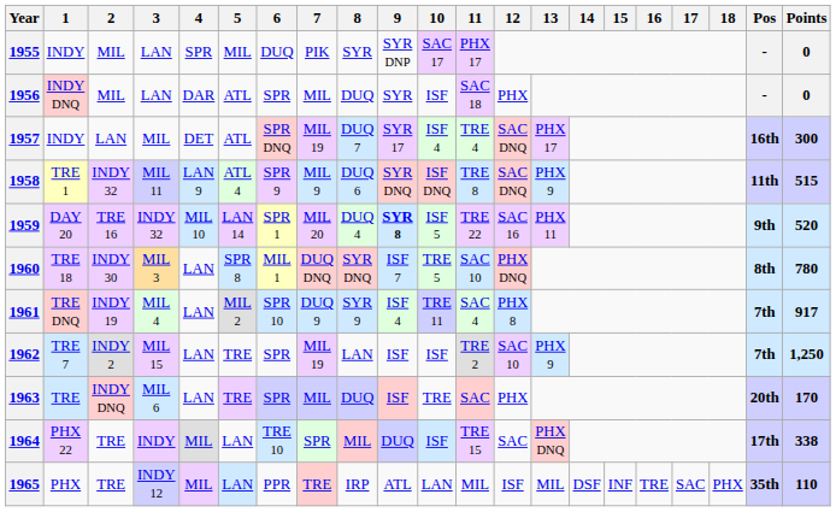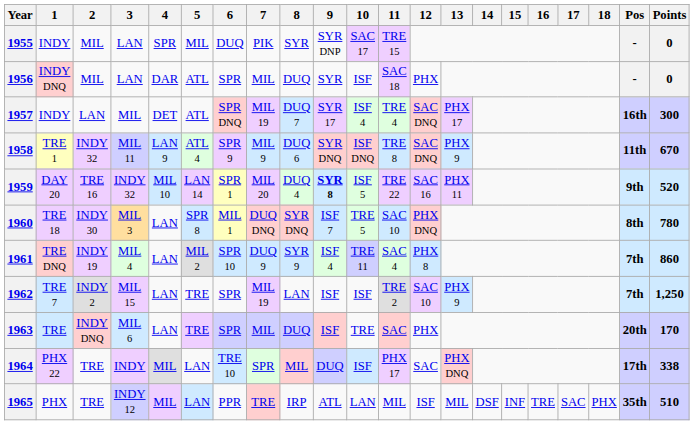 <table class="wikitable" style="text-align:center; font-size:90%">
 <tr>
 <th>Year</th>
 <th>1</th>
 <th>2</th>
 <th>3</th>
 <th>4</th>
 <th>5</th>
 <th>6</th>
 <th>7</th>
 <th>8</th>
 <th>9</th>
 <th>10</th>
 <th>11</th>
 <th>12</th>
 <th>13</th>
 <th>14</th>
 <th>15</th>
 <th>16</th>
 <th>17</th>
 <th>18</th>
 <th>Pos</th>
 <th>Points</th>
 </tr>
 <tr>
 <th rowspan=1><a href='#'>1955</a></th>
 <td><a href='#'>INDY</a><br><small> </small></td>
 <td><a href='#'>MIL</a></td>
 <td><a href='#'>LAN</a></td>
 <td><a href='#'>SPR</a></td>
 <td><a href='#'>MIL</a><br><small> </small></td>
 <td><a href='#'>DUQ</a><br><small> </small></td>
 <td><a href='#'>PIK</a><br><small> </small></td>
 <td><a href='#'>SYR</a></td>
 <td><a href='#'>SYR</a><br><small>DNP</small></td>
 <td style="background:#EFCFFF;"><a href='#'>SAC</a><br><small>17</small></td>
-<td style="background:#EFCFFF;"><a href='#'>PHX</a><br><small>17</small></td>
+<td style="background:#EFCFFF;"><a href='#'>TRE</a><br><small>15</small></td>
 <td colspan=7></td>
 <th>-</th>
 <th>0</th>
 </tr>
 <tr>
 <th rowspan=1><a href='#'>1956</a></th>
 <td style="background:#FFCFCF;"><a href='#'>INDY</a><br><small>DNQ</small></td>
 <td><a href='#'>MIL</a></td>
 <td><a href='#'>LAN</a></td>
 <td><a href='#'>DAR</a></td>
 <td><a href='#'>ATL</a></td>
 <td><a href='#'>SPR</a></td>
 <td><a href='#'>MIL</a></td>
 <td><a href='#'>DUQ</a><br><small> </small></td>
 <td><a href='#'>SYR</a></td>
 <td><a href='#'>ISF</a><br><small> </small></td>
 <td style="background:#EFCFFF;"><a href='#'>SAC</a><br><small>18</small></td>
 <td><a href='#'>PHX</a></td>
 <td colspan=6></td>
 <th>-</th>
 <th>0</th>
 </tr>
 <tr>
 <th rowspan=1><a href='#'>1957</a></th>
 <td><a href='#'>INDY</a><br><small> </small></td>
 <td><a href='#'>LAN</a></td>
 <td><a href='#'>MIL</a></td>
 <td><a href='#'>DET</a></td>
 <td><a href='#'>ATL</a></td>
 <td style="background:#FFCFCF;"><a href='#'>SPR</a><br><small>DNQ</small></td>
 <td style="background:#EFCFFF;"><a href='#'>MIL</a><br><small>19</small></td>
 <td style="background:#CFEAFF;"><a href='#'>DUQ</a><br><small>7</small></td>
 <td style="background:#EFCFFF;"><a href='#'>SYR</a><br><small>17</small></td>
 <td style="background:#DFFFDF;"><a href='#'>ISF</a><br><small>4</small></td>
 <td style="background:#DFFFDF;"><a href='#'>TRE</a><br><small>4</small></td>
 <td style="background:#FFCFCF;"><a href='#'>SAC</a><br><small>DNQ</small></td>
 <td style="background:#EFCFFF;"><a href='#'>PHX</a><br><small>17</small></td>
 <td colspan=5></td>
 <th style="background:#CFCFFF;">16th</th>
 <th style="background:#CFCFFF;">300</th>
 </tr>
 <tr>
 <th rowspan=1><a href='#'>1958</a></th>
 <td style="background:#FFFFBF;"><a href='#'>TRE</a><br><small>1</small></td>
 <td style="background:#EFCFFF;"><a href='#'>INDY</a><br><small>32</small></td>
 <td style="background:#CFCFFF;"><a href='#'>MIL</a><br><small>11</small></td>
 <td style="background:#CFEAFF;"><a href='#'>LAN</a><br><small>9</small></td>
 <td style="background:#DFFFDF;"><a href='#'>ATL</a><br><small>4</small></td>
 <td style="background:#EFCFFF;"><a href='#'>SPR</a><br><small>9</small></td>
 <td style="background:#CFEAFF;"><a href='#'>MIL</a><br><small>9</small></td>
 <td style="background:#CFEAFF;"><a href='#'>DUQ</a><br><small>6</small></td>
 <td style="background:#FFCFCF;"><a href='#'>SYR</a><br><small>DNQ</small></td>
 <td style="background:#FFCFCF;"><a href='#'>ISF</a><br><small>DNQ</small></td>
 <td style="background:#CFEAFF;"><a href='#'>TRE</a><br><small>8</small></td>
 <td style="background:#FFCFCF;"><a href='#'>SAC</a><br><small>DNQ</small></td>
 <td style="background:#CFEAFF;"><a href='#'>PHX</a><br><small>9</small></td>
 <td colspan=5></td>
 <th style="background:#CFCFFF;">11th</th>
-<th style="background:#CFCFFF;">515</th>
+<th style="background:#CFCFFF;">670</th>
 </tr>
 <tr>
 <th rowspan=1><a href='#'>1959</a></th>
 <td style="background:#efcfff;"><a href='#'>DAY</a><br><small>20</small></td>
 <td style="background:#efcfff;"><a href='#'>TRE</a><br><small>16</small></td>
 <td style="background:#efcfff;"><a href='#'>INDY</a><br><small>32</small></td>
 <td style="background:#cfeaff;"><a href='#'>MIL</a><br><small>10</small></td>
 <td style="background:#efcfff;"><a href='#'>LAN</a><br><small>14</small></td>
 <td style="background:#ffffbf;"><a href='#'>SPR</a><br><small>1</small></td>
 <td style="background:#EFCFFF;"><a href='#'>MIL</a><br><small>20</small></td>
 <td style="background:#dfffdf;"><a href='#'>DUQ</a><br><small>4</small></td>
 <td style="background:#cfeaff;"><strong><a href='#'>SYR</a><br><small>8</small></strong></td>
 <td style="background:#dfffdf;"><a href='#'>ISF</a><br><small>5</small></td>
 <td style="background:#efcfff;"><a href='#'>TRE</a><br><small>22</small></td>
 <td style="background:#efcfff;"><a href='#'>SAC</a><br><small>16</small></td>
 <td style="background:#efcfff;"><a href='#'>PHX</a><br><small>11</small></td>
 <td colspan=5></td>
 <th style="background:#CFEAFF;">9th</th>
 <th style="background:#CFEAFF;">520</th>
 </tr>
 <tr>
 <th><a href='#'>1960</a></th>
 <td style="background:#EFCFFF;"><a href='#'>TRE</a><br><small>18</small></td>
 <td style="background:#EFCFFF;"><a href='#'>INDY</a><br><small>30</small></td>
 <td style="background:#FFDF9F;"><a href='#'>MIL</a><br><small>3</small></td>
 <td><a href='#'>LAN</a><br><small> </small></td>
 <td style="background:#CFEAFF;"><a href='#'>SPR</a><br><small>8</small></td>
 <td style="background:#FFFFBF;"><a href='#'>MIL</a><br><small>1</small></td>
 <td style="background:#FFCFCF;"><a href='#'>DUQ</a><br><small>DNQ</small></td>
 <td style="background:#FFCFCF;"><a href='#'>SYR</a><br><small>DNQ</small></td>
 <td style="background:#CFEAFF;"><a href='#'>ISF</a><br><small>7</small></td>
 <td style="background:#DFFFDF;"><a href='#'>TRE</a><br><small>5</small></td>
 <td style="background:#CFEAFF;"><a href='#'>SAC</a><br><small>10</small></td>
 <td style="background:#FFCFCF;"><a href='#'>PHX</a><br><small>DNQ</small></td>
 <td colspan=6></td>
 <th style="background:#CFEAFF;">8th</th>
 <th style="background:#CFEAFF;">780</th>
 </tr>
 <tr>
 <th><a href='#'>1961</a></th>
 <td style="background:#FFCFCF;"><a href='#'>TRE</a><br><small>DNQ</small></td>
 <td style="background:#EFCFFF;"><a href='#'>INDY</a><br><small>19</small></td>
 <td style="background:#DFFFDF;"><a href='#'>MIL</a><br><small>4</small></td>
 <td><a href='#'>LAN</a><br><small> </small></td>
 <td style="background:#DFDFDF;"><a href='#'>MIL</a><br><small>2</small></td>
 <td style="background:#CFEAFF;"><a href='#'>SPR</a><br><small>10</small></td>
 <td style="background:#CFEAFF;"><a href='#'>DUQ</a><br><small>9</small></td>
 <td style="background:#CFEAFF;"><a href='#'>SYR</a><br><small>9</small></td>
 <td style="background:#DFFFDF;"><a href='#'>ISF</a><br><small>4</small></td>
 <td style="background:#CFCFFF;"><a href='#'>TRE</a><br><small>11</small></td>
 <td style="background:#DFFFDF;"><a href='#'>SAC</a><br><small>4</small></td>
 <td style="background:#CFEAFF;"><a href='#'>PHX</a><br><small>8</small></td>
 <td colspan=6></td>
 <th style="background:#CFEAFF;">7th</th>
-<th style="background:#CFEAFF;">917</th>
+<th style="background:#CFEAFF;">860</th>
 </tr>
 <tr>
 <th><a href='#'>1962</a></th>
 <td style="background:#CFEAFF;"><a href='#'>TRE</a><br><small>7</small></td>
 <td style="background:#DFDFDF;"><a href='#'>INDY</a><br><small>2</small></td>
 <td style="background:#EFCFFF;"><a href='#'>MIL</a><br><small>15</small></td>
 <td><a href='#'>LAN</a><br><small> </small></td>
 <td><a href='#'>TRE</a><br><small> </small></td>
 <td><a href='#'>SPR</a><br><small> </small></td>
 <td style="background:#efcfff;"><a href='#'>MIL</a><br><small>19</small></td>
 <td><a href='#'>LAN</a><br><small> </small></td>
 <td><a href='#'>ISF</a></td>
 <td><a href='#'>ISF</a><br><small> </small></td>
 <td style="background:#DFDFDF;"><a href='#'>TRE</a><br><small>2</small></td>
 <td style="background:#EFCFFF;"><a href='#'>SAC</a><br><small>10</small></td>
 <td style="background:#CFEAFF;"><a href='#'>PHX</a><br><small>9</small></td>
 <td colspan=5></td>
 <th style="background:#CFEAFF;">7th</th>
 <th style="background:#CFEAFF;">1,250</th>
 </tr>
 <tr>
 <th><a href='#'>1963</a></th>
 <td style="background:#CFEAFF;"><a href='#'>TRE</a><br></td>
 <td style="background:#FFCFCF;"><a href='#'>INDY</a><br><small>DNQ</small></td>
 <td style="background:#CFEAFF;"><a href='#'>MIL</a><br><small>6</small></td>
 <td><a href='#'>LAN</a></td>
 <td style="background:#EFCFFF;"><a href='#'>TRE</a><br></td>
 <td style="background:#CFCFFF;"><a href='#'>SPR</a><br></td>
 <td style="background:#CFCFFF;"><a href='#'>MIL</a><br></td>
 <td style="background:#CFCFFF;"><a href='#'>DUQ</a><br></td>
 <td style="background:#FFCFCF;"><a href='#'>ISF</a><br></td>
 <td><a href='#'>TRE</a></td>
 <td style="background:#FFCFCF;"><a href='#'>SAC</a><br></td>
 <td><a href='#'>PHX</a></td>
 <td colspan=6></td>
 <th style="background:#CFCFFF;">20th</th>
 <th style="background:#CFCFFF;">170</th>
 </tr>
 <tr>
 <th><a href='#'>1964</a></th>
 <td style="background:#EFCFFF;"><a href='#'>PHX</a><br><small>22</small></td>
 <td><a href='#'>TRE</a><br></td>
 <td style="background:#EFCFFF;"><a href='#'>INDY</a><br></td>
 <td style="background:#DFDFDF;"><a href='#'>MIL</a><br></td>
 <td><a href='#'>LAN</a><br></td>
 <td style="background:#CFEAFF;"><a href='#'>TRE</a><br><small>10</small></td>
 <td style="background:#DFFFDF;"><a href='#'>SPR</a><br></td>
 <td style="background:#FFCFCF;"><a href='#'>MIL</a><br></td>
 <td style="background:#CFCFFF;"><a href='#'>DUQ</a><br></td>
 <td style="background:#CFEAFF;"><a href='#'>ISF</a><br></td>
-<td style="background:#EFCFFF;"><a href='#'>TRE</a><br><small>15</small></td>
+<td style="background:#EFCFFF;"><a href='#'>PHX</a><br><small>17</small></td>
 <td><a href='#'>SAC</a><br><small> </small></td>
 <td style="background:#FFCFCF;"><a href='#'>PHX</a><br><small>DNQ</small></td>
 <td colspan=5></td>
 <th style="background:#CFCFFF;">17th</th>
 <th style="background:#CFCFFF;">338</th>
 </tr>
 <tr>
 <th><a href='#'>1965</a></th>
 <td><a href='#'>PHX</a><br></td>
 <td><a href='#'>TRE</a><br></td>
 <td style="background:#CFCFFF;"><a href='#'>INDY</a><br><small>12</small></td>
 <td style="background:#EFCFFF;"><a href='#'>MIL</a><br></td>
 <td style="background:#CFEAFF;"><a href='#'>LAN</a><br></td>
 <td><a href='#'>PPR</a><br></td>
 <td style="background:#FFCFCF;"><a href='#'>TRE</a><br></td>
 <td><a href='#'>IRP</a><br></td>
 <td><a href='#'>ATL</a><br></td>
 <td><a href='#'>LAN</a><br></td>
 <td><a href='#'>MIL</a><br></td>
 <td><a href='#'>ISF</a><br></td>
 <td><a href='#'>MIL</a><br></td>
 <td><a href='#'>DSF</a><br></td>
 <td><a href='#'>INF</a><br></td>
 <td><a href='#'>TRE</a><br></td>
 <td><a href='#'>SAC</a><br></td>
 <td><a href='#'>PHX</a><br></td>
 <th style="background:#CFCFFF;">35th</th>
-<th style="background:#CFCFFF;">110</th>
+<th style="background:#CFCFFF;">510</th>
 </tr>
 </table>
